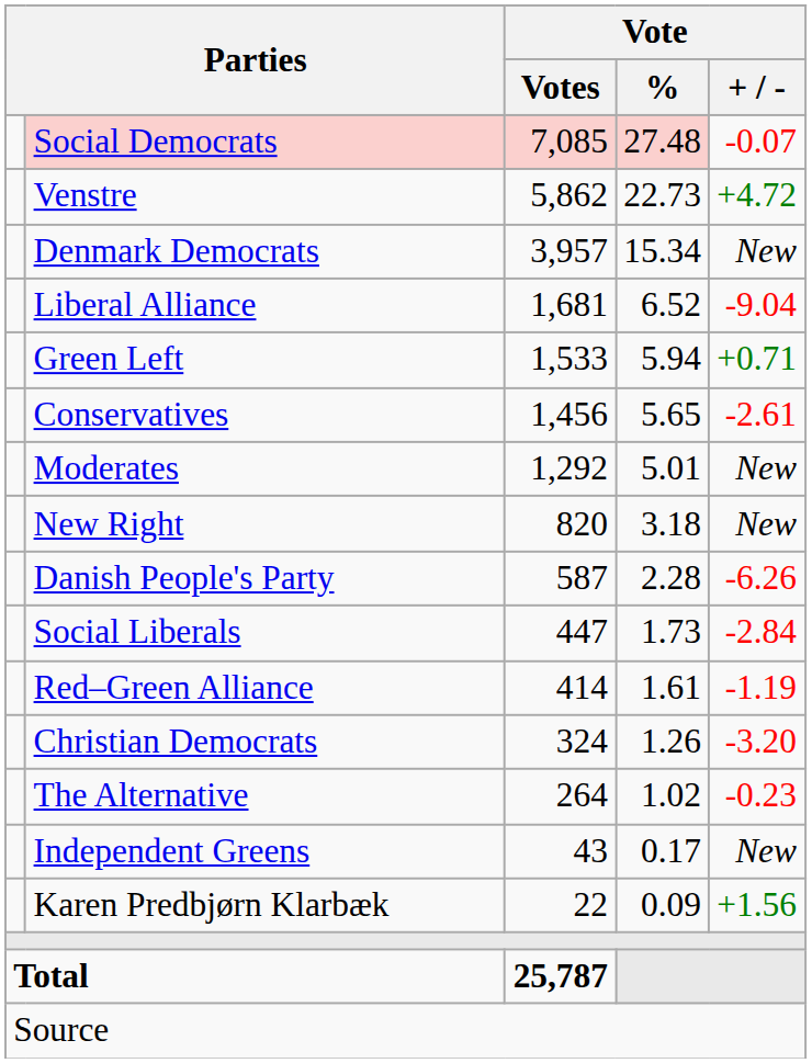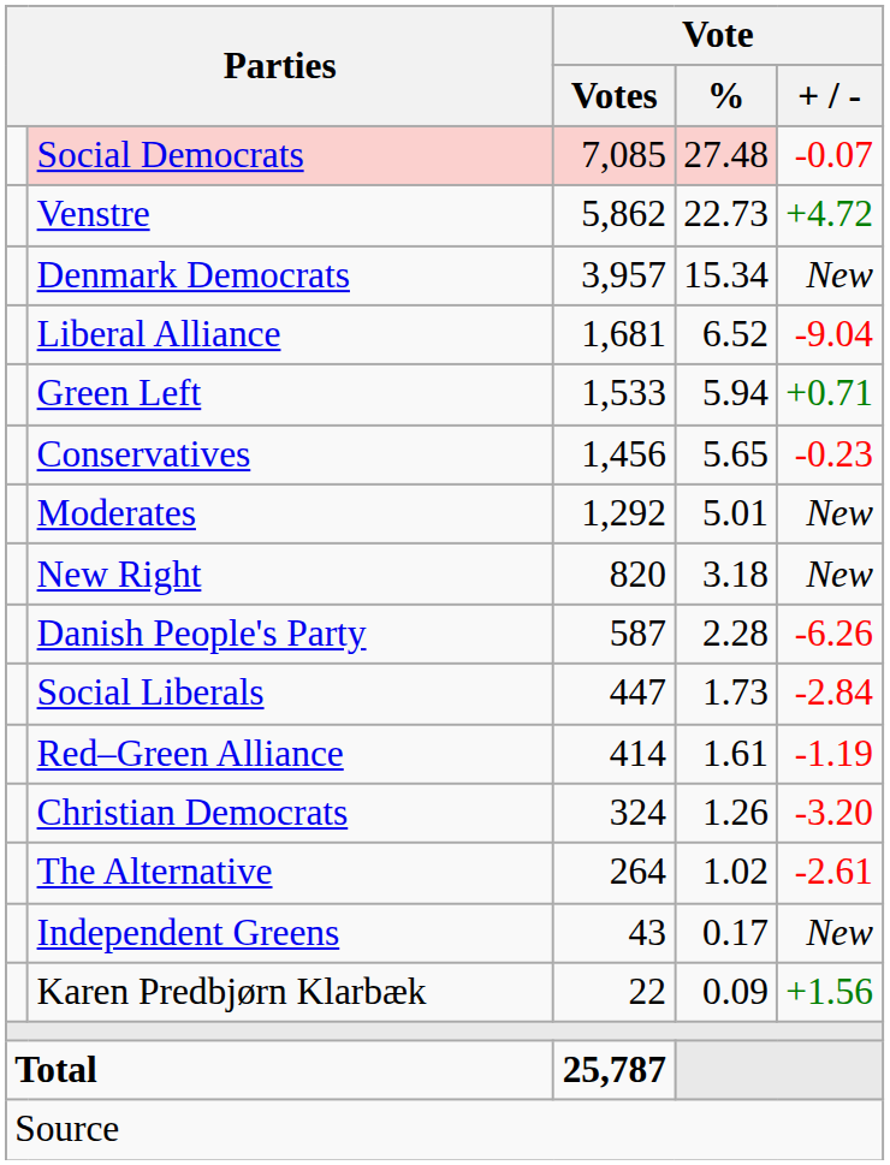 <table class="wikitable" style="text-align:right;">
 <tr>
 <th style="text-align:centre;" rowspan="2" colspan="2" width="225">Parties</th>
 <th colspan="3">Vote</th>
 </tr>
 <tr>
 <th width="15">Votes</th>
 <th width="15">%</th>
 <th width="15">+ / -</th>
 </tr>
 <tr>
 <td width="2" style="color:inherit;background:"></td>
 <td bgcolor=#fbd0ce  align="left"><a href='#'>Social Democrats</a></td>
 <td bgcolor=#fbd0ce>7,085</td>
 <td bgcolor=#fbd0ce>27.48</td>
 <td style=color:red;>-0.07</td>
 </tr>
 <tr>
 <td width="2" style="color:inherit;background:"></td>
 <td align="left"><a href='#'>Venstre</a></td>
 <td>5,862</td>
 <td>22.73</td>
 <td style=color:green;>+4.72</td>
 </tr>
 <tr>
 <td width="2" style="color:inherit;background:"></td>
 <td align="left"><a href='#'>Denmark Democrats</a></td>
 <td>3,957</td>
 <td>15.34</td>
 <td><em>New</em></td>
 </tr>
 <tr>
 <td width="2" style="color:inherit;background:"></td>
 <td align="left"><a href='#'>Liberal Alliance</a></td>
 <td>1,681</td>
 <td>6.52</td>
 <td style=color:red;>-9.04</td>
 </tr>
 <tr>
 <td width="2" style="color:inherit;background:"></td>
 <td align="left"><a href='#'>Green Left</a></td>
 <td>1,533</td>
 <td>5.94</td>
 <td style=color:green;>+0.71</td>
 </tr>
 <tr>
 <td width="2" style="color:inherit;background:"></td>
 <td align="left"><a href='#'>Conservatives</a></td>
 <td>1,456</td>
 <td>5.65</td>
-<td style=color:red;>-2.61</td>
+<td style=color:red;>-0.23</td>
 </tr>
 <tr>
 <td width="2" style="color:inherit;background:"></td>
 <td align="left"><a href='#'>Moderates</a></td>
 <td>1,292</td>
 <td>5.01</td>
 <td><em>New</em></td>
 </tr>
 <tr>
 <td width="2" style="color:inherit;background:"></td>
 <td align="left"><a href='#'>New Right</a></td>
 <td>820</td>
 <td>3.18</td>
 <td><em>New</em></td>
 </tr>
 <tr>
 <td width="2" style="color:inherit;background:"></td>
 <td align="left"><a href='#'>Danish People's Party</a></td>
 <td>587</td>
 <td>2.28</td>
 <td style=color:red;>-6.26</td>
 </tr>
 <tr>
 <td width="2" style="color:inherit;background:"></td>
 <td align="left"><a href='#'>Social Liberals</a></td>
 <td>447</td>
 <td>1.73</td>
 <td style=color:red;>-2.84</td>
 </tr>
 <tr>
 <td width="2" style="color:inherit;background:"></td>
 <td align="left"><a href='#'>Red–Green Alliance</a></td>
 <td>414</td>
 <td>1.61</td>
 <td style=color:red;>-1.19</td>
 </tr>
 <tr>
 <td width="2" style="color:inherit;background:"></td>
 <td align="left"><a href='#'>Christian Democrats</a></td>
 <td>324</td>
 <td>1.26</td>
 <td style=color:red;>-3.20</td>
 </tr>
 <tr>
 <td width="2" style="color:inherit;background:"></td>
 <td align="left"><a href='#'>The Alternative</a></td>
 <td>264</td>
 <td>1.02</td>
-<td style=color:red;>-0.23</td>
+<td style=color:red;>-2.61</td>
 </tr>
 <tr>
 <td width="2" style="color:inherit;background:"></td>
 <td align="left"><a href='#'>Independent Greens</a></td>
 <td>43</td>
 <td>0.17</td>
 <td><em>New</em></td>
 </tr>
 <tr>
 <td width="2" style="color:inherit;background:"></td>
 <td align="left">Karen Predbjørn Klarbæk</td>
 <td>22</td>
 <td>0.09</td>
 <td style=color:green;>+1.56</td>
 </tr>
 <tr>
 <td colspan="7" bgcolor="#E9E9E9"></td>
 </tr>
 <tr>
 <td align="left" colspan="2"><strong>Total</strong></td>
 <td><strong>25,787</strong></td>
 <td bgcolor="#E9E9E9" colspan="2"></td>
 </tr>
 <tr>
 <td align="left" colspan="6">Source</td>
 </tr>
 </table>
